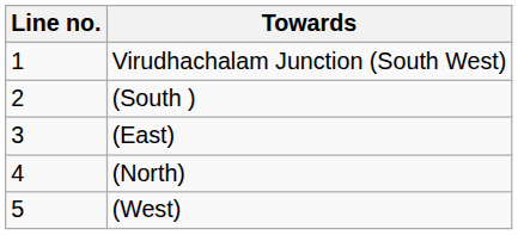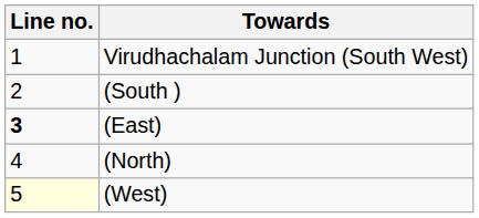 <table class="wikitable">
 <tr>
 <th>Line no.</th>
 <th>Towards</th>
 </tr>
 <tr>
 <td>1</td>
 <td>Virudhachalam Junction (South West)</td>
 </tr>
 <tr>
 <td>2</td>
 <td> (South )</td>
 </tr>
 <tr>
-<td>3</td>
+<td><strong>3</strong></td>
 <td> (East)</td>
 </tr>
 <tr>
 <td>4</td>
 <td> (North)</td>
 </tr>
 <tr>
-<td>5</td>
+<td style="background: lightyellow;">5</td>
 <td> (West)</td>
 </tr>
 </table>
